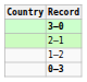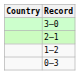 <table class="wikitable">
 <tr>
 <th>Country</th>
 <th>Record</th>
 </tr>
 <tr bgcolor="ccffcc">
 <td><strong></strong></td>
-<td><strong>3–0</strong></td>
+<td>3–0</td>
 </tr>
 <tr bgcolor="ccfcc">
 <td><strong></strong></td>
 <td>2–1</td>
 </tr>
 <tr>
 <td><strong></strong></td>
 <td>1–2</td>
 </tr>
 <tr>
 <td><strong></strong></td>
-<td><strong>0–3</strong></td>
+<td>0–3</td>
 </tr>
 </table>
